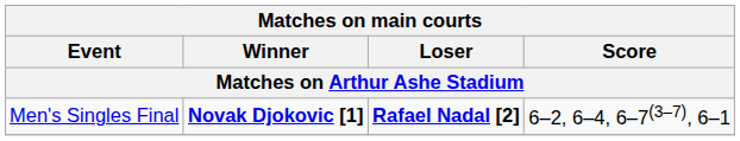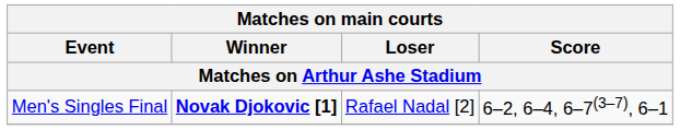 <table class="wikitable collapsible uncollapsed" style=margin:auto>
 <tr>
 <th colspan=4><strong>Matches on main courts</strong></th>
 </tr>
 <tr>
 <th>Event</th>
 <th>Winner</th>
 <th>Loser</th>
 <th>Score</th>
 </tr>
 <tr>
 <th colspan=4><strong>Matches on <a href='#'>Arthur Ashe Stadium</a></strong></th>
 </tr>
 <tr>
 <td><a href='#'>Men's Singles Final</a></td>
 <td> <strong><a href='#'>Novak Djokovic</a> [1]</strong></td>
-<td><strong> <a href='#'>Rafael Nadal</a> [2]</strong></td>
+<td> <a href='#'>Rafael Nadal</a> [2]</td>
 <td>6–2, 6–4, 6–7<sup>(3–7)</sup>, 6–1</td>
 </tr>
 <tr>
 </tr>
 </table>
